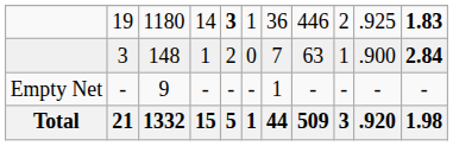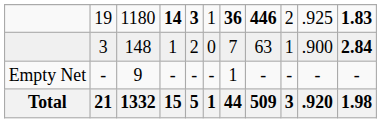 <table class="wikitable sortable">
 <tr align="center">
 </tr>
 <tr align="center" bgcolor="">
 <td></td>
 <td>19</td>
 <td>1180</td>
-<td>14</td>
+<td><strong>14</strong></td>
 <td><strong>3</strong></td>
 <td>1</td>
-<td>36</td>
-<td>446</td>
+<td><strong>36</strong></td>
+<td><strong>446</strong></td>
 <td>2</td>
 <td>.925</td>
 <td><strong>1.83</strong></td>
 </tr>
 <tr align="center" bgcolor="#f0f0f0">
 <td></td>
 <td>3</td>
 <td>148</td>
 <td>1</td>
 <td>2</td>
 <td>0</td>
 <td>7</td>
 <td>63</td>
 <td>1</td>
 <td>.900</td>
 <td><strong>2.84</strong></td>
 </tr>
 <tr align="center" bgcolor="">
 <td>Empty Net</td>
 <td>-</td>
 <td>9</td>
 <td>-</td>
 <td>-</td>
 <td>-</td>
 <td>1</td>
 <td>-</td>
 <td>-</td>
 <td>-</td>
 <td>-</td>
 </tr>
 <tr>
 <th>Total</th>
 <th>21</th>
 <th>1332</th>
 <th>15</th>
 <th>5</th>
 <th>1</th>
 <th>44</th>
 <th>509</th>
 <th>3</th>
 <th>.920</th>
 <th>1.98</th>
 </tr>
 </table>
